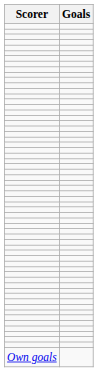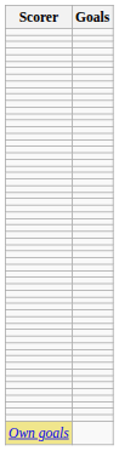 <table class="wikitable sortable" style="font-size:90%">
 <tr>
 <th>Scorer</th>
 <th>Goals</th>
 </tr>
 <tr>
 <td> </td>
 <td></td>
 </tr>
 <tr>
 <td> </td>
 <td></td>
 </tr>
 <tr>
 <td> </td>
 <td></td>
 </tr>
 <tr>
 <td> </td>
 <td></td>
 </tr>
 <tr>
 <td> </td>
 <td></td>
 </tr>
 <tr>
 <td> </td>
 <td></td>
 </tr>
 <tr>
 <td> </td>
 <td></td>
 </tr>
 <tr>
 <td> </td>
 <td></td>
 </tr>
 <tr>
 <td> </td>
 <td></td>
 </tr>
 <tr>
 <td> </td>
 <td></td>
 </tr>
 <tr>
 <td> </td>
 <td></td>
 </tr>
 <tr>
 <td> </td>
 <td></td>
 </tr>
 <tr>
 <td> </td>
 <td></td>
 </tr>
 <tr>
 <td> </td>
 <td></td>
 </tr>
 <tr>
 <td> </td>
 <td></td>
 </tr>
 <tr>
 <td> </td>
 <td></td>
 </tr>
 <tr>
 <td> </td>
 <td></td>
 </tr>
 <tr>
 <td> </td>
 <td></td>
 </tr>
 <tr>
 <td> </td>
 <td></td>
 </tr>
 <tr>
 <td> </td>
 <td></td>
 </tr>
 <tr>
 <td> </td>
 <td></td>
 </tr>
 <tr>
 <td> </td>
 <td></td>
 </tr>
 <tr>
 <td> </td>
 <td></td>
 </tr>
 <tr>
 <td> </td>
 <td></td>
 </tr>
 <tr>
 <td> </td>
 <td></td>
 </tr>
 <tr>
 <td> </td>
 <td></td>
 </tr>
 <tr>
 <td> </td>
 <td></td>
 </tr>
 <tr>
 <td></td>
 <td></td>
 </tr>
 <tr>
 <td> </td>
 <td></td>
 </tr>
 <tr>
 <td> </td>
 <td></td>
 </tr>
 <tr>
 <td> </td>
 <td></td>
 </tr>
 <tr>
 <td> </td>
 <td></td>
 </tr>
 <tr>
 <td> </td>
 <td></td>
 </tr>
 <tr>
 <td> </td>
 <td></td>
 </tr>
 <tr>
 <td> </td>
 <td></td>
 </tr>
 <tr>
 <td> </td>
 <td></td>
 </tr>
 <tr>
 <td> </td>
 <td></td>
 </tr>
 <tr>
 <td> </td>
 <td></td>
 </tr>
 <tr>
 <td> </td>
 <td></td>
 </tr>
 <tr>
 <td> </td>
 <td></td>
 </tr>
 <tr>
 <td> </td>
 <td></td>
 </tr>
 <tr>
 <td> </td>
 <td></td>
 </tr>
 <tr>
 <td> </td>
 <td></td>
 </tr>
 <tr>
 <td> </td>
 <td></td>
 </tr>
 <tr>
 <td> </td>
 <td></td>
 </tr>
 <tr>
 <td> </td>
 <td></td>
 </tr>
 <tr>
 <td> </td>
 <td></td>
 </tr>
 <tr>
 <td> </td>
 <td></td>
 </tr>
 <tr>
 <td> </td>
 <td></td>
 </tr>
 <tr>
 <td> </td>
 <td></td>
 </tr>
 <tr>
 <td> </td>
 <td></td>
 </tr>
 <tr>
 <td> </td>
 <td></td>
 </tr>
 <tr>
 <td> </td>
 <td></td>
 </tr>
 <tr>
 <td> </td>
 <td></td>
 </tr>
 <tr>
 <td> </td>
 <td></td>
 </tr>
 <tr>
 <td> </td>
 <td></td>
 </tr>
 <tr>
 <td> </td>
 <td></td>
 </tr>
 <tr>
 <td> </td>
 <td></td>
 </tr>
 <tr>
 <td> </td>
 <td></td>
 </tr>
 <tr>
 <td> </td>
 <td></td>
 </tr>
 <tr>
-<td><em><a href='#'>Own goals</a></em></td>
+<td style="background: khaki;"><em><a href='#'>Own goals</a></em></td>
 <td></td>
 </tr>
 </table>
